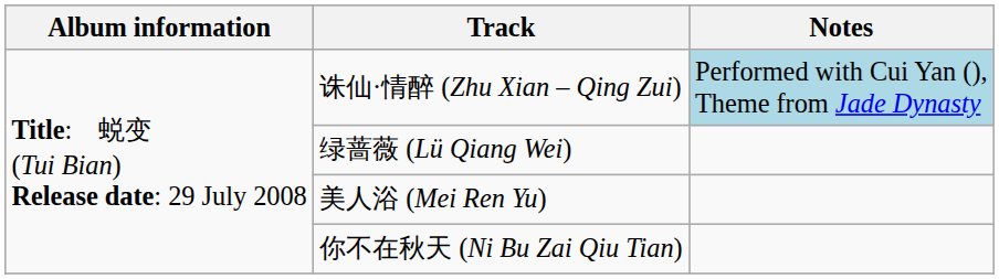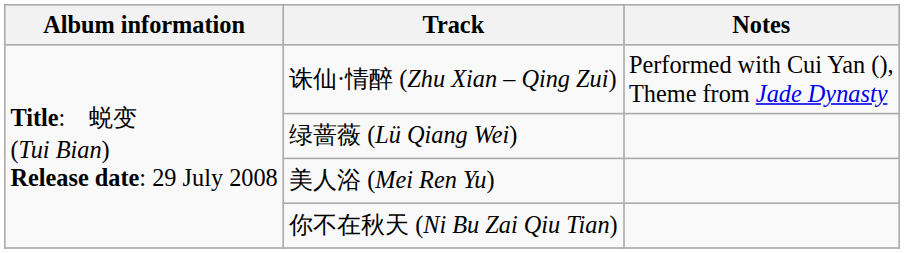 <table class="wikitable" style="font-size: 95%;">
 <tr>
 <th>Album information</th>
 <th>Track</th>
 <th>Notes</th>
 </tr>
 <tr>
 <td rowspan=4><strong>Title</strong>:　蜕变<br>(<em>Tui Bian</em>)<br><strong>Release date</strong>: 29 July 2008</td>
 <td>诛仙·情醉 (<em>Zhu Xian – Qing Zui</em>)</td>
-<td style="background: lightblue;">Performed with Cui Yan (),<br>Theme from <em><a href='#'>Jade Dynasty</a></em></td>
+<td>Performed with Cui Yan (),<br>Theme from <em><a href='#'>Jade Dynasty</a></em></td>
 </tr>
 <tr>
 <td>绿蔷薇 (<em>Lü Qiang Wei</em>)</td>
 <td></td>
 </tr>
 <tr>
 <td>美人浴 (<em>Mei Ren Yu</em>)</td>
 <td></td>
 </tr>
 <tr>
 <td>你不在秋天 (<em>Ni Bu Zai Qiu Tian</em>)</td>
 <td></td>
 </tr>
 </table>
